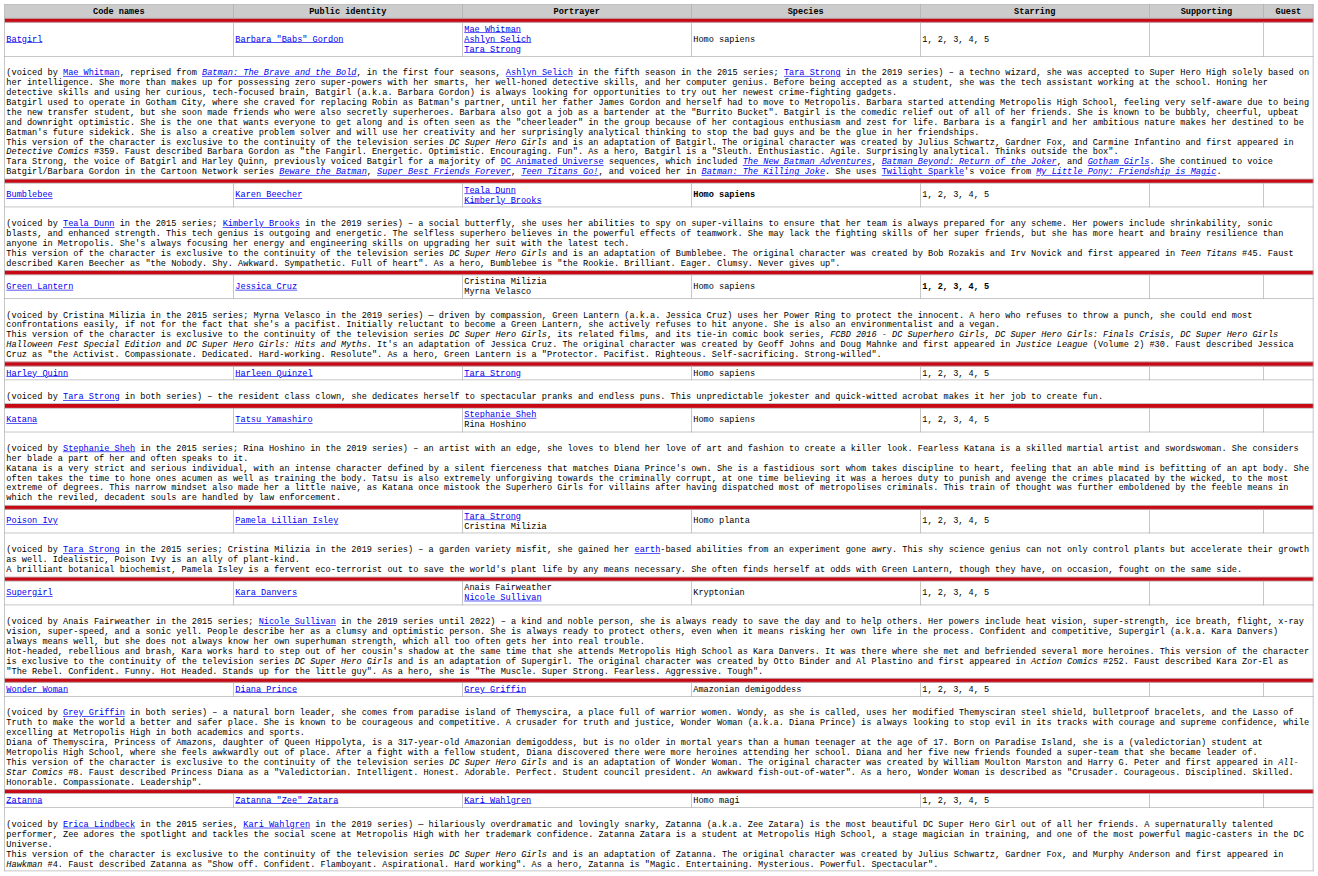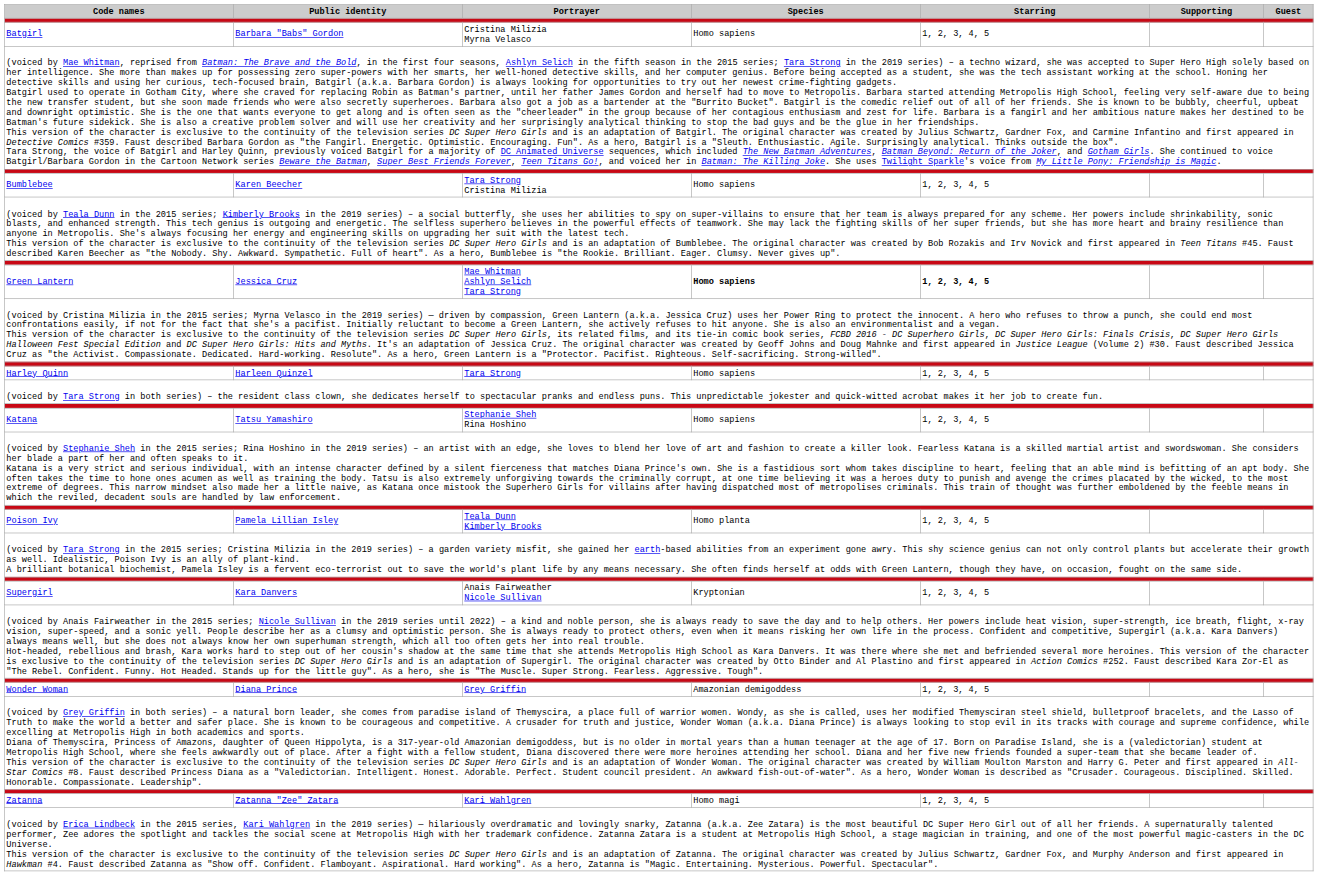 <table class="wikitable" style="width:100%; margin-right:auto; background:#fff">
 <tr style="color:black">
 <th style="background:#ccc; width:10%;">Code names</th>
 <th style="background:#ccc; width:10%;">Public identity</th>
 <th style="background:#ccc; width:10%;">Portrayer</th>
 <th style="background:#ccc; width:10%;">Species</th>
 <th style="background:#ccc; width:10%;">Starring</th>
 <th style="background:#ccc; width:5%;">Supporting</th>
 <th style="background:#ccc; width:2%;">Guest</th>
 </tr>
 <tr>
 <td colspan="7" style="background:#c80815;"></td>
 </tr>
 <tr>
 <td><a href='#'>Batgirl</a></td>
 <td><a href='#'>Barbara "Babs" Gordon</a></td>
-<td><a href='#'>Mae Whitman</a><br><a href='#'>Ashlyn Selich</a><br><a href='#'>Tara Strong</a></td>
+<td>Cristina Milizia<br>Myrna Velasco</td>
 <td>Homo sapiens</td>
 <td>1, 2, 3, 4, 5</td>
 <td></td>
 <td></td>
 </tr>
 <tr>
 <td colspan="7"><br> <strong></strong> (voiced by <a href='#'>Mae Whitman</a>, reprised from <em><a href='#'>Batman: The Brave and the Bold</a></em>, in the first four seasons, <a href='#'>Ashlyn Selich</a> in the fifth season in the 2015 series; <a href='#'>Tara Strong</a> in the 2019 series) – a techno wizard, she was accepted to Super Hero High solely based on her intelligence. She more than makes up for possessing zero super-powers with her smarts, her well-honed detective skills, and her computer genius. Before being accepted as a student, she was the tech assistant working at the school. Honing her detective skills and using her curious, tech-focused brain, Batgirl (a.k.a. Barbara Gordon) is always looking for opportunities to try out her newest crime-fighting gadgets.<br>Batgirl used to operate in Gotham City, where she craved for replacing Robin as Batman's partner, until her father James Gordon and herself had to move to Metropolis. Barbara started attending Metropolis High School, feeling very self-aware due to being the new transfer student, but she soon made friends who were also secretly superheroes. Barbara also got a job as a bartender at the "Burrito Bucket". Batgirl is the comedic relief out of all of her friends. She is known to be bubbly, cheerful, upbeat and downright optimistic. She is the one that wants everyone to get along and is often seen as the "cheerleader" in the group because of her contagious enthusiasm and zest for life. Barbara is a fangirl and her ambitious nature makes her destined to be Batman's future sidekick. She is also a creative problem solver and will use her creativity and her surprisingly analytical thinking to stop the bad guys and be the glue in her friendships.<br>This version of the character is exclusive to the continuity of the television series <em>DC Super Hero Girls</em> and is an adaptation of Batgirl. The original character was created by Julius Schwartz, Gardner Fox, and Carmine Infantino and first appeared in <em>Detective Comics</em> #359. Faust described Barbara Gordon as "the Fangirl. Energetic. Optimistic. Encouraging. Fun". As a hero, Batgirl is a "Sleuth. Enthusiastic. Agile. Surprisingly analytical. Thinks outside the box".<br>Tara Strong, the voice of Batgirl and Harley Quinn, previously voiced Batgirl for a majority of <a href='#'>DC Animated Universe</a> sequences, which included <em><a href='#'>The New Batman Adventures</a></em>, <em><a href='#'>Batman Beyond: Return of the Joker</a></em>, and <em><a href='#'>Gotham Girls</a></em>. She continued to voice Batgirl/Barbara Gordon in the Cartoon Network series <em><a href='#'>Beware the Batman</a></em>, <em><a href='#'>Super Best Friends Forever</a></em>, <em><a href='#'>Teen Titans Go!</a></em>, and voiced her in <em><a href='#'>Batman: The Killing Joke</a></em>. She uses <a href='#'>Twilight Sparkle</a>'s voice from <em><a href='#'>My Little Pony: Friendship is Magic</a></em>.</td>
 </tr>
 <tr>
 <td colspan="7" style="background:#c80815;"></td>
 </tr>
 <tr>
 <td><a href='#'>Bumblebee</a></td>
 <td><a href='#'>Karen Beecher</a></td>
-<td><a href='#'>Teala Dunn</a><br><a href='#'>Kimberly Brooks</a></td>
-<td><strong>Homo sapiens</strong></td>
+<td><a href='#'>Tara Strong</a><br>Cristina Milizia</td>
+<td>Homo sapiens</td>
 <td>1, 2, 3, 4, 5</td>
 <td></td>
 <td></td>
 </tr>
 <tr>
 <td colspan="7"><br> <strong></strong> (voiced by <a href='#'>Teala Dunn</a> in the 2015 series; <a href='#'>Kimberly Brooks</a> in the 2019 series) – a social butterfly, she uses her abilities to spy on super-villains to ensure that her team is always prepared for any scheme. Her powers include shrinkability, sonic blasts, and enhanced strength. This tech genius is outgoing and energetic. The selfless superhero believes in the powerful effects of teamwork. She may lack the fighting skills of her super friends, but she has more heart and brainy resilience than anyone in Metropolis. She's always focusing her energy and engineering skills on upgrading her suit with the latest tech.<br>This version of the character is exclusive to the continuity of the television series <em>DC Super Hero Girls</em> and is an adaptation of Bumblebee. The original character was created by Bob Rozakis and Irv Novick and first appeared in <em>Teen Titans</em> #45. Faust described Karen Beecher as "the Nobody. Shy. Awkward. Sympathetic. Full of heart". As a hero, Bumblebee is "the Rookie. Brilliant. Eager. Clumsy. Never gives up".</td>
 </tr>
 <tr>
 <td colspan="7" style="background:#c80815;"></td>
 </tr>
 <tr>
 <td><a href='#'>Green Lantern</a></td>
 <td><a href='#'>Jessica Cruz</a></td>
-<td>Cristina Milizia<br>Myrna Velasco</td>
-<td>Homo sapiens</td>
+<td><a href='#'>Mae Whitman</a><br><a href='#'>Ashlyn Selich</a><br><a href='#'>Tara Strong</a></td>
+<td><strong>Homo sapiens</strong></td>
 <td><strong>1, 2, 3, 4, 5</strong></td>
 <td></td>
 <td></td>
 </tr>
 <tr>
 <td colspan="7"><br><strong></strong> (voiced by Cristina Milizia in the 2015 series; Myrna Velasco in the 2019 series) — driven by compassion, Green Lantern (a.k.a. Jessica Cruz) uses her Power Ring to protect the innocent. A hero who refuses to throw a punch, she could end most confrontations easily, if not for the fact that she's a pacifist. Initially reluctant to become a Green Lantern, she actively refuses to hit anyone. She is also an environmentalist and a vegan.<br>This version of the character is exclusive to the continuity of the television series <em>DC Super Hero Girls</em>, its related films, and its tie-in comic book series, <em>FCBD 2016 - DC Superhero Girls</em>, <em>DC Super Hero Girls: Finals Crisis</em>, <em>DC Super Hero Girls Halloween Fest Special Edition</em> and <em>DC Super Hero Girls: Hits and Myths</em>. It's an adaptation of Jessica Cruz. The original character was created by Geoff Johns and Doug Mahnke and first appeared in <em>Justice League</em> (Volume 2) #30. Faust described Jessica Cruz as "the Activist. Compassionate. Dedicated. Hard-working. Resolute". As a hero, Green Lantern is a "Protector. Pacifist. Righteous. Self-sacrificing. Strong-willed".</td>
 </tr>
 <tr>
 <td colspan="7" style="background:#c80815;"></td>
 </tr>
 <tr>
 <td><a href='#'>Harley Quinn</a></td>
 <td><a href='#'>Harleen Quinzel</a></td>
 <td><a href='#'>Tara Strong</a></td>
 <td>Homo sapiens</td>
 <td>1, 2, 3, 4, 5</td>
 <td></td>
 <td></td>
 </tr>
 <tr>
 <td colspan="7"><br> <strong></strong> (voiced by <a href='#'>Tara Strong</a> in both series) – the resident class clown, she dedicates herself to spectacular pranks and endless puns. This unpredictable jokester and quick-witted acrobat makes it her job to create fun.</td>
 </tr>
 <tr>
 <td colspan="7" style="background:#c80815;"></td>
 </tr>
 <tr>
 <td><a href='#'>Katana</a></td>
 <td><a href='#'>Tatsu Yamashiro</a></td>
 <td><a href='#'>Stephanie Sheh</a><br>Rina Hoshino</td>
 <td>Homo sapiens</td>
 <td>1, 2, 3, 4, 5</td>
 <td></td>
 <td></td>
 </tr>
 <tr>
 <td colspan="7"><br> <strong></strong> (voiced by <a href='#'>Stephanie Sheh</a> in the 2015 series; Rina Hoshino in the 2019 series) – an artist with an edge, she loves to blend her love of art and fashion to create a killer look. Fearless Katana is a skilled martial artist and swordswoman. She considers her blade a part of her and often speaks to it.<br>Katana is a very strict and serious individual, with an intense character defined by a silent fierceness that matches Diana Prince's own. She is a fastidious sort whom takes discipline to heart, feeling that an able mind is befitting of an apt body. She often takes the time to hone ones acumen as well as training the body. Tatsu is also extremely unforgiving towards the criminally corrupt, at one time believing it was a heroes duty to punish and avenge the crimes placated by the wicked, to the most extreme of degrees. This narrow mindset also made her a little naive, as Katana once mistook the Superhero Girls for villains after having dispatched most of metropolises criminals. This train of thought was further emboldened by the feeble means in which the reviled, decadent souls are handled by law enforcement.</td>
 </tr>
 <tr>
 <td colspan="7" style="background:#c80815;"></td>
 </tr>
 <tr>
 <td><a href='#'>Poison Ivy</a></td>
 <td><a href='#'>Pamela Lillian Isley</a></td>
-<td><a href='#'>Tara Strong</a><br>Cristina Milizia</td>
+<td><a href='#'>Teala Dunn</a><br><a href='#'>Kimberly Brooks</a></td>
 <td>Homo planta</td>
 <td>1, 2, 3, 4, 5</td>
 <td></td>
 <td></td>
 </tr>
 <tr>
 <td colspan="7"><br><strong></strong> (voiced by <a href='#'>Tara Strong</a> in the 2015 series; Cristina Milizia in the 2019 series) – a garden variety misfit, she gained her <a href='#'>earth</a>-based abilities from an experiment gone awry. This shy science genius can not only control plants but accelerate their growth as well. Idealistic, Poison Ivy is an ally of plant-kind.<br>A brilliant botanical biochemist, Pamela Isley is a fervent eco-terrorist out to save the world's plant life by any means necessary. She often finds herself at odds with Green Lantern, though they have, on occasion, fought on the same side.</td>
 </tr>
 <tr>
 <td colspan="7" style="background:#c80815;"></td>
 </tr>
 <tr>
 <td><a href='#'>Supergirl</a></td>
 <td><a href='#'>Kara Danvers</a></td>
 <td>Anais Fairweather<br><a href='#'>Nicole Sullivan</a></td>
 <td>Kryptonian</td>
 <td>1, 2, 3, 4, 5</td>
 <td></td>
 <td></td>
 </tr>
 <tr>
 <td colspan="7"><br> <strong></strong> (voiced by Anais Fairweather in the 2015 series; <a href='#'>Nicole Sullivan</a> in the 2019 series until 2022) – a kind and noble person, she is always ready to save the day and to help others. Her powers include heat vision, super-strength, ice breath, flight, x-ray vision, super-speed, and a sonic yell. People describe her as a clumsy and optimistic person. She is always ready to protect others, even when it means risking her own life in the process. Confident and competitive, Supergirl (a.k.a. Kara Danvers) always means well, but she does not always know her own superhuman strength, which all too often gets her into real trouble.<br>Hot-headed, rebellious and brash, Kara works hard to step out of her cousin's shadow at the same time that she attends Metropolis High School as Kara Danvers. It was there where she met and befriended several more heroines. This version of the character is exclusive to the continuity of the television series <em>DC Super Hero Girls</em> and is an adaptation of Supergirl. The original character was created by Otto Binder and Al Plastino and first appeared in <em>Action Comics</em> #252. Faust described Kara Zor-El as "The Rebel. Confident. Funny. Hot Headed. Stands up for the little guy". As a hero, she is "The Muscle. Super Strong. Fearless. Aggressive. Tough".</td>
 </tr>
 <tr>
 <td colspan="7" style="background:#c80815;"></td>
 </tr>
 <tr>
 <td><a href='#'>Wonder Woman</a></td>
 <td><a href='#'>Diana Prince</a></td>
 <td><a href='#'>Grey Griffin</a></td>
 <td>Amazonian demigoddess</td>
 <td>1, 2, 3, 4, 5</td>
 <td></td>
 <td></td>
 </tr>
 <tr>
 <td colspan="7"><br> <strong></strong> (voiced by <a href='#'>Grey Griffin</a> in both series) – a natural born leader, she comes from paradise island of Themyscira, a place full of warrior women. Wondy, as she is called, uses her modified Themysciran steel shield, bulletproof bracelets, and the Lasso of Truth to make the world a better and safer place. She is known to be courageous and competitive. A crusader for truth and justice, Wonder Woman (a.k.a. Diana Prince) is always looking to stop evil in its tracks with courage and supreme confidence, while excelling at Metropolis High in both academics and sports.<br>Diana of Themyscira, Princess of Amazons, daughter of Queen Hippolyta, is a 317-year-old Amazonian demigoddess, but is no older in mortal years than a human teenager at the age of 17. Born on Paradise Island, she is a (valedictorian) student at Metropolis High School, where she feels awkwardly out of place. After a fight with a fellow student, Diana discovered there were more heroines attending her school. Diana and her five new friends founded a super-team that she became leader of.<br>This version of the character is exclusive to the continuity of the television series <em>DC Super Hero Girls</em> and is an adaptation of Wonder Woman. The original character was created by William Moulton Marston and Harry G. Peter and first appeared in <em>All-Star Comics</em> #8. Faust described Princess Diana as a "Valedictorian. Intelligent. Honest. Adorable. Perfect. Student council president. An awkward fish-out-of-water". As a hero, Wonder Woman is described as "Crusader. Courageous. Disciplined. Skilled. Honorable. Compassionate. Leadership".</td>
 </tr>
 <tr>
 <td colspan="7" style="background:#c80815;"></td>
 </tr>
 <tr>
 <td><a href='#'>Zatanna</a></td>
 <td><a href='#'>Zatanna "Zee" Zatara</a></td>
 <td><a href='#'>Kari Wahlgren</a></td>
 <td>Homo magi</td>
 <td>1, 2, 3, 4, 5</td>
 <td></td>
 <td></td>
 </tr>
 <tr>
 <td colspan="7"><br> <strong></strong> (voiced by <a href='#'>Erica Lindbeck</a> in the 2015 series, <a href='#'>Kari Wahlgren</a> in the 2019 series) — hilariously overdramatic and lovingly snarky, Zatanna (a.k.a. Zee Zatara) is the most beautiful DC Super Hero Girl out of all her friends. A supernaturally talented performer, Zee adores the spotlight and tackles the social scene at Metropolis High with her trademark confidence. Zatanna Zatara is a student at Metropolis High School, a stage magician in training, and one of the most powerful magic-casters in the DC Universe.<br>This version of the character is exclusive to the continuity of the television series <em>DC Super Hero Girls</em> and is an adaptation of Zatanna. The original character was created by Julius Schwartz, Gardner Fox, and Murphy Anderson and first appeared in <em>Hawkman</em> #4. Faust described Zatanna as "Show off. Confident. Flamboyant. Aspirational. Hard working". As a hero, Zatanna is "Magic. Entertaining. Mysterious. Powerful. Spectacular".</td>
 </tr>
 </table>
